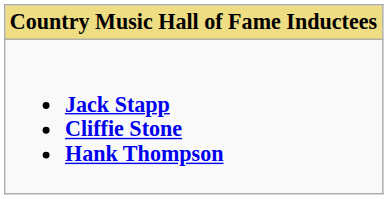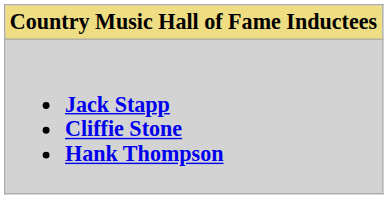 <table class="wikitable">
 <tr>
 <th style="background:#EEDD82; width=50%">Country Music Hall of Fame Inductees</th>
 </tr>
 <tr>
-<td valign="top"><br><ul><li><strong><a href='#'>Jack Stapp</a></strong></li><li><strong><a href='#'>Cliffie Stone</a></strong></li><li><strong><a href='#'>Hank Thompson</a></strong></li></ul></td>
+<td valign="top" style="background: lightgrey;"><br><ul><li><strong><a href='#'>Jack Stapp</a></strong></li><li><strong><a href='#'>Cliffie Stone</a></strong></li><li><strong><a href='#'>Hank Thompson</a></strong></li></ul></td>
 </tr>
 </table>
